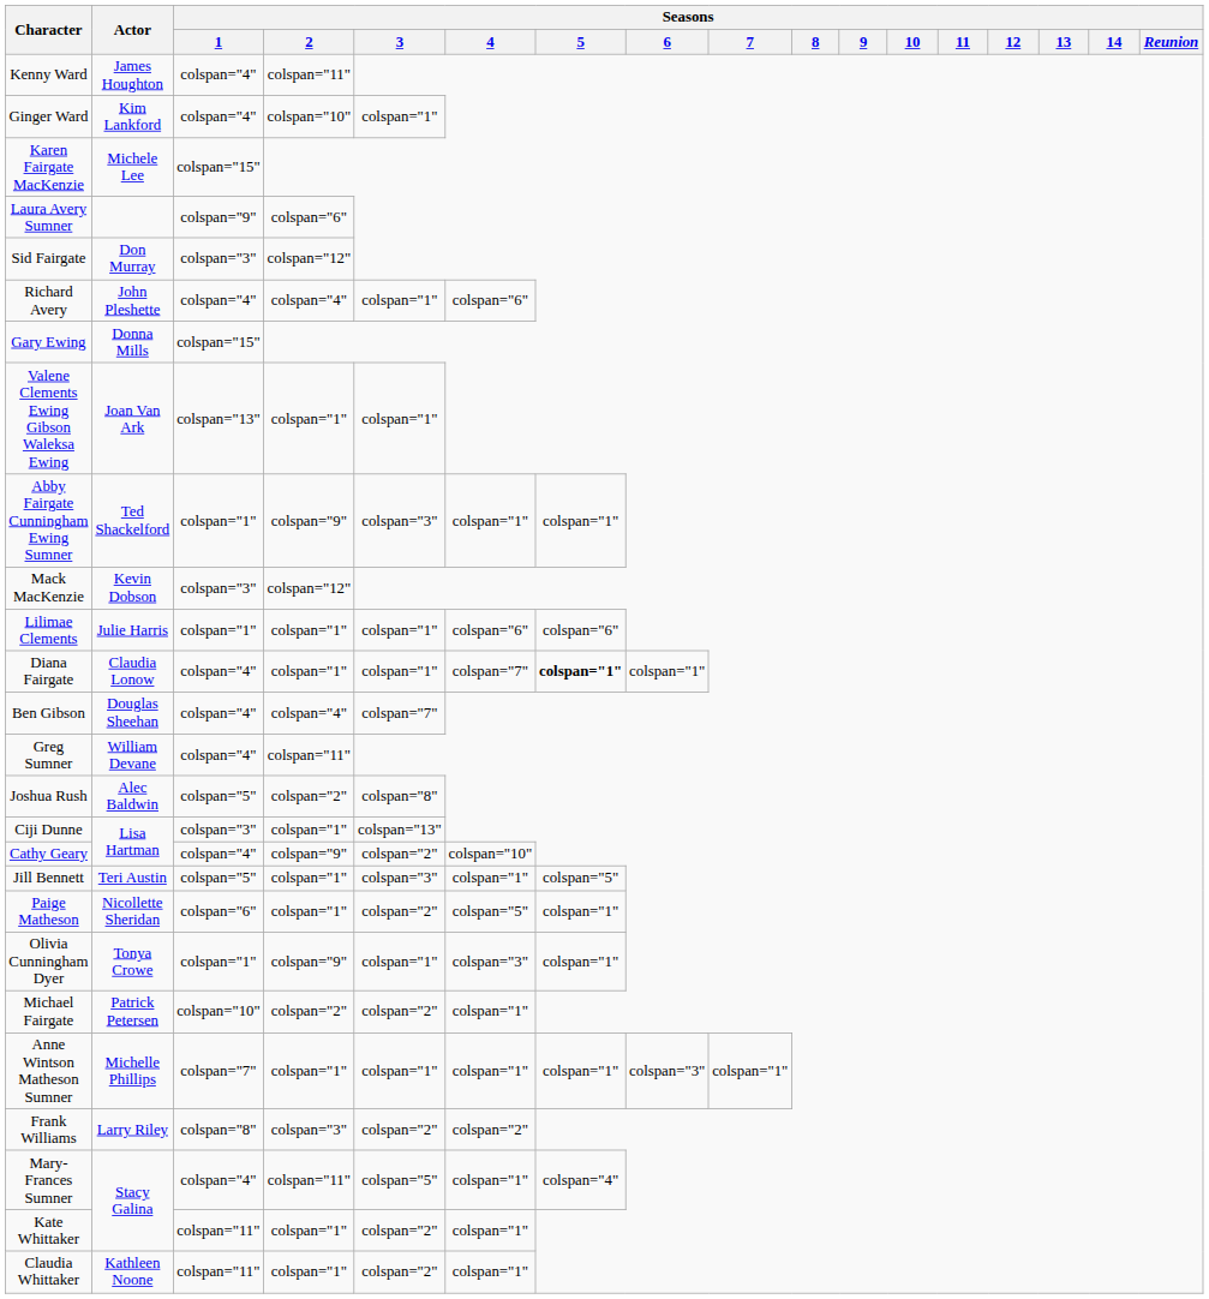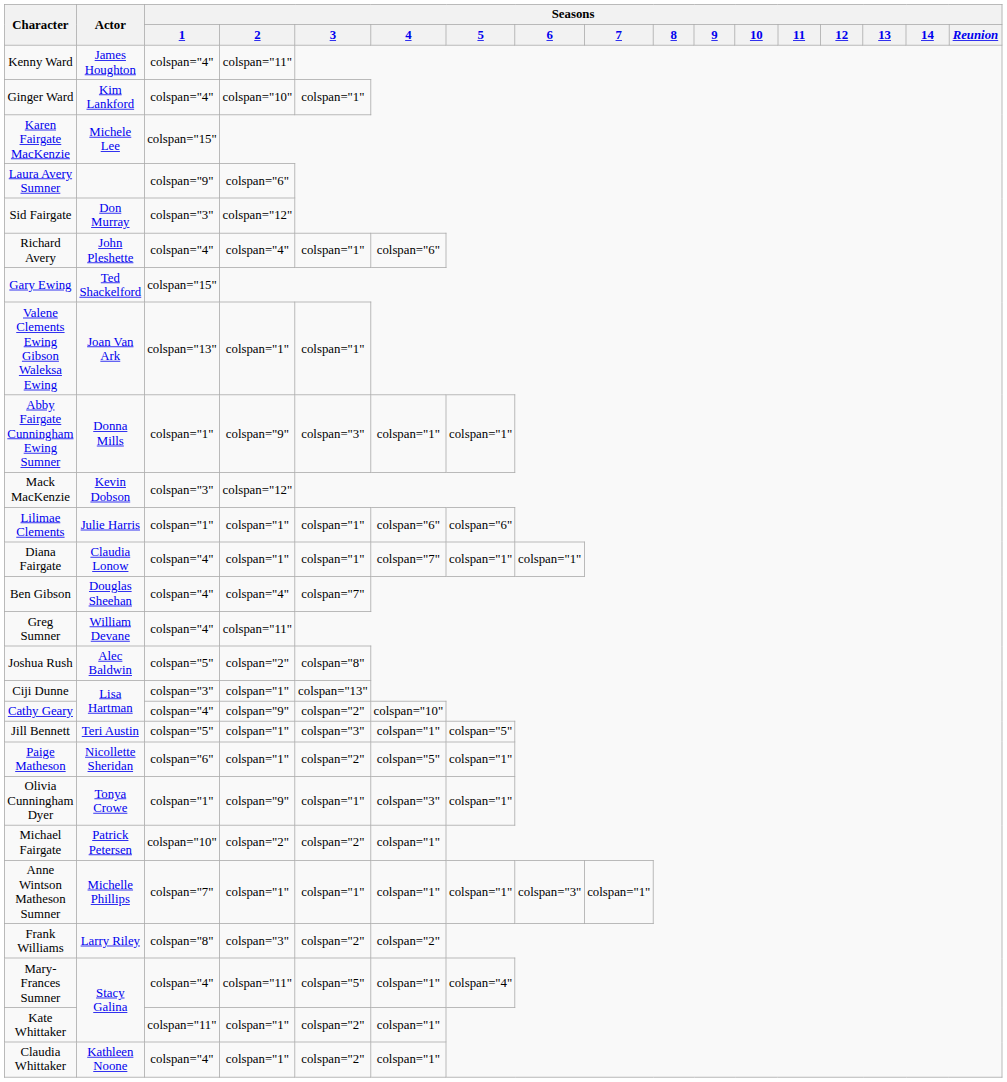 <table class="wikitable sortable" style="text-align:center">
 <tr>
 <th rowspan="2">Character</th>
 <th rowspan="2">Actor</th>
 <th colspan="15">Seasons</th>
 </tr>
 <tr>
 <th style="width:60px;"><a href='#'>1</a></th>
 <th style="width:60px;"><a href='#'>2</a></th>
 <th style="width:60px;"><a href='#'>3</a></th>
 <th style="width:60px;"><a href='#'>4</a></th>
 <th style="width:60px;"><a href='#'>5</a></th>
 <th style="width:60px;"><a href='#'>6</a></th>
 <th style="width:60px;"><a href='#'>7</a></th>
 <th style="width:60px;"><a href='#'>8</a></th>
 <th style="width:60px;"><a href='#'>9</a></th>
 <th style="width:60px;"><a href='#'>10</a></th>
 <th style="width:60px;"><a href='#'>11</a></th>
 <th style="width:60px;"><a href='#'>12</a></th>
 <th style="width:60px;"><a href='#'>13</a></th>
 <th style="width:60px;"><a href='#'>14</a></th>
 <th style="width:60px;"><em><a href='#'>Reunion</a></em></th>
 </tr>
 <tr>
 <td>Kenny Ward</td>
 <td><a href='#'>James Houghton</a></td>
 <td>colspan="4" </td>
 <td>colspan="11" </td>
 </tr>
 <tr>
 <td>Ginger Ward</td>
 <td><a href='#'>Kim Lankford</a></td>
 <td>colspan="4" </td>
 <td>colspan="10" </td>
 <td>colspan="1" </td>
 </tr>
 <tr>
 <td><a href='#'>Karen Fairgate MacKenzie</a></td>
 <td><a href='#'>Michele Lee</a></td>
 <td>colspan="15" </td>
 </tr>
 <tr>
 <td><a href='#'>Laura Avery Sumner</a></td>
 <td></td>
 <td>colspan="9" </td>
 <td>colspan="6" </td>
 </tr>
 <tr>
 <td>Sid Fairgate</td>
 <td><a href='#'>Don Murray</a></td>
 <td>colspan="3" </td>
 <td>colspan="12" </td>
 </tr>
 <tr>
 <td>Richard Avery</td>
 <td><a href='#'>John Pleshette</a></td>
 <td>colspan="4" </td>
 <td>colspan="4" </td>
 <td>colspan="1" </td>
 <td>colspan="6" </td>
 </tr>
 <tr>
 <td><a href='#'>Gary Ewing</a></td>
-<td><a href='#'>Donna Mills</a></td>
+<td><a href='#'>Ted Shackelford</a></td>
 <td>colspan="15" </td>
 </tr>
 <tr>
 <td><a href='#'>Valene Clements Ewing Gibson Waleksa Ewing</a></td>
 <td><a href='#'>Joan Van Ark</a></td>
 <td>colspan="13" </td>
 <td>colspan="1" </td>
 <td>colspan="1" </td>
 </tr>
 <tr>
 <td><a href='#'>Abby Fairgate Cunningham Ewing Sumner</a></td>
-<td><a href='#'>Ted Shackelford</a></td>
+<td><a href='#'>Donna Mills</a></td>
 <td>colspan="1" </td>
 <td>colspan="9" </td>
 <td>colspan="3" </td>
 <td>colspan="1" </td>
 <td>colspan="1" </td>
 </tr>
 <tr>
 <td>Mack MacKenzie</td>
 <td><a href='#'>Kevin Dobson</a></td>
 <td>colspan="3" </td>
 <td>colspan="12" </td>
 </tr>
 <tr>
 <td><a href='#'>Lilimae Clements</a></td>
 <td><a href='#'>Julie Harris</a></td>
 <td>colspan="1" </td>
 <td>colspan="1" </td>
 <td>colspan="1" </td>
 <td>colspan="6" </td>
 <td>colspan="6" </td>
 </tr>
 <tr>
 <td>Diana Fairgate</td>
 <td><a href='#'>Claudia Lonow</a></td>
 <td>colspan="4" </td>
 <td>colspan="1" </td>
 <td>colspan="1" </td>
 <td>colspan="7" </td>
-<td><strong>colspan="1" </strong></td>
+<td>colspan="1" </td>
 <td>colspan="1" </td>
 </tr>
 <tr>
 <td>Ben Gibson</td>
 <td><a href='#'>Douglas Sheehan</a></td>
 <td>colspan="4" </td>
 <td>colspan="4" </td>
 <td>colspan="7" </td>
 </tr>
 <tr>
 <td>Greg Sumner</td>
 <td><a href='#'>William Devane</a></td>
 <td>colspan="4" </td>
 <td>colspan="11" </td>
 </tr>
 <tr>
 <td>Joshua Rush</td>
 <td><a href='#'>Alec Baldwin</a></td>
 <td>colspan="5" </td>
 <td>colspan="2" </td>
 <td>colspan="8" </td>
 </tr>
 <tr>
 <td>Ciji Dunne</td>
 <td rowspan="2"><a href='#'>Lisa Hartman</a></td>
 <td>colspan="3" </td>
 <td>colspan="1" </td>
 <td>colspan="13" </td>
 </tr>
 <tr>
 <td><a href='#'>Cathy Geary</a></td>
 <td>colspan="4" </td>
 <td>colspan="9" </td>
 <td>colspan="2" </td>
 <td>colspan="10" </td>
 </tr>
 <tr>
 <td>Jill Bennett</td>
 <td><a href='#'>Teri Austin</a></td>
 <td>colspan="5" </td>
 <td>colspan="1" </td>
 <td>colspan="3" </td>
 <td>colspan="1" </td>
 <td>colspan="5" </td>
 </tr>
 <tr>
 <td><a href='#'>Paige Matheson</a></td>
 <td><a href='#'>Nicollette Sheridan</a></td>
 <td>colspan="6" </td>
 <td>colspan="1" </td>
 <td>colspan="2" </td>
 <td>colspan="5" </td>
 <td>colspan="1" </td>
 </tr>
 <tr>
 <td>Olivia Cunningham Dyer</td>
 <td><a href='#'>Tonya Crowe</a></td>
 <td>colspan="1" </td>
 <td>colspan="9" </td>
 <td>colspan="1" </td>
 <td>colspan="3" </td>
 <td>colspan="1" </td>
 </tr>
 <tr>
 <td>Michael Fairgate</td>
 <td><a href='#'>Patrick Petersen</a></td>
 <td>colspan="10" </td>
 <td>colspan="2" </td>
 <td>colspan="2" </td>
 <td>colspan="1" </td>
 </tr>
 <tr>
 <td>Anne Wintson Matheson Sumner</td>
 <td><a href='#'>Michelle Phillips</a></td>
 <td>colspan="7" </td>
 <td>colspan="1" </td>
 <td>colspan="1" </td>
 <td>colspan="1" </td>
 <td>colspan="1" </td>
 <td>colspan="3" </td>
 <td>colspan="1" </td>
 </tr>
 <tr>
 <td>Frank Williams</td>
 <td><a href='#'>Larry Riley</a></td>
 <td>colspan="8" </td>
 <td>colspan="3" </td>
 <td>colspan="2" </td>
 <td>colspan="2" </td>
 </tr>
 <tr>
 <td>Mary-Frances Sumner</td>
 <td rowspan="2"><a href='#'>Stacy Galina</a></td>
 <td>colspan="4" </td>
 <td>colspan="11" </td>
 <td>colspan="5" </td>
 <td>colspan="1" </td>
 <td>colspan="4" </td>
 </tr>
 <tr>
 <td>Kate Whittaker</td>
 <td>colspan="11" </td>
 <td>colspan="1" </td>
 <td>colspan="2" </td>
 <td>colspan="1" </td>
 </tr>
 <tr>
 <td>Claudia Whittaker</td>
 <td><a href='#'>Kathleen Noone</a></td>
-<td>colspan="11" </td>
+<td>colspan="4" </td>
 <td>colspan="1" </td>
 <td>colspan="2"  </td>
 <td>colspan="1" </td>
 </tr>
 </table>
